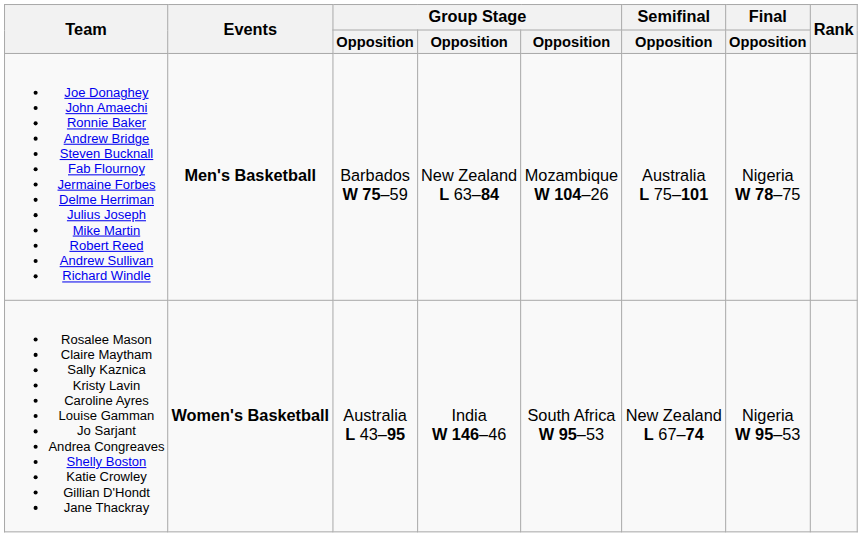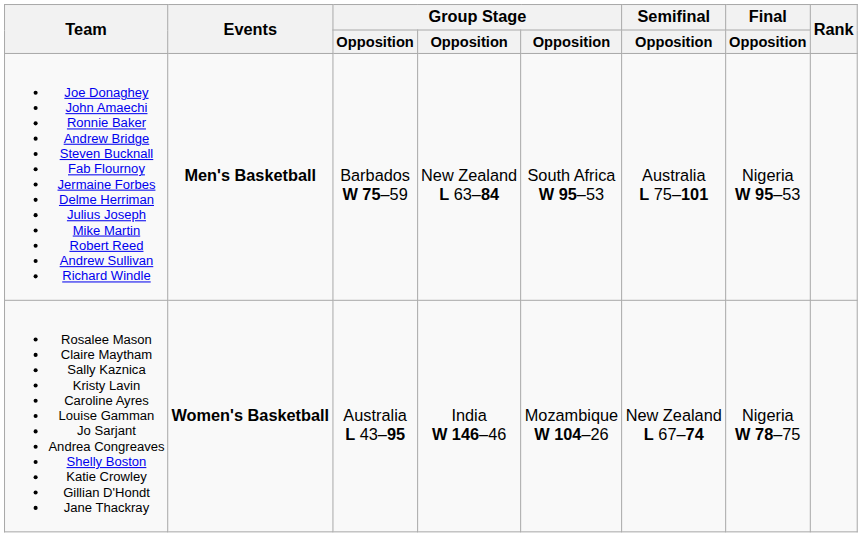 <table class=wikitable style="font-size:100%">
 <tr>
 <th rowspan="2">Team</th>
 <th rowspan="2">Events</th>
 <th colspan="3">Group Stage</th>
 <th>Semifinal</th>
 <th>Final</th>
 <th rowspan="2">Rank</th>
 </tr>
 <tr>
 <th style="font-size:90%">Opposition</th>
 <th style="font-size:90%">Opposition</th>
 <th style="font-size:90%">Opposition</th>
 <th style="font-size:90%">Opposition</th>
 <th style="font-size:90%">Opposition</th>
 </tr>
 <tr>
 <td align="center" style="font-size:80%"><br><ul><li><a href='#'>Joe Donaghey</a></li><li><a href='#'>John Amaechi</a></li><li><a href='#'>Ronnie Baker</a></li><li><a href='#'>Andrew Bridge</a></li><li><a href='#'>Steven Bucknall</a></li><li><a href='#'>Fab Flournoy</a></li><li><a href='#'>Jermaine Forbes</a></li><li><a href='#'>Delme Herriman</a></li><li><a href='#'>Julius Joseph</a></li><li><a href='#'>Mike Martin</a></li><li><a href='#'>Robert Reed</a></li><li><a href='#'>Andrew Sullivan</a></li><li><a href='#'>Richard Windle</a></li></ul></td>
 <td align="center"><strong>Men's Basketball</strong></td>
 <td align="center"> <br>Barbados <br><strong>W</strong> <strong>75</strong>–59</td>
 <td align="center"> <br>New Zealand <br><strong>L</strong> 63–<strong>84</strong></td>
-<td align="center"> <br>Mozambique <br><strong>W</strong> <strong>104</strong>–26</td>
+<td align="center"> <br>South Africa <br><strong>W</strong> <strong>95</strong>–53</td>
 <td align="center"> <br>Australia <br><strong>L</strong> 75–<strong>101</strong></td>
-<td align="center"> <br>Nigeria <br><strong>W</strong> <strong>78</strong>–75</td>
+<td align="center"> <br>Nigeria <br><strong>W</strong> <strong>95</strong>–53</td>
 <td align="center"></td>
 </tr>
 <tr>
 <td align="center" style="font-size:80%"><br><ul><li>Rosalee Mason</li><li>Claire Maytham</li><li>Sally Kaznica</li><li>Kristy Lavin</li><li>Caroline Ayres</li><li>Louise Gamman</li><li>Jo Sarjant</li><li>Andrea Congreaves</li><li><a href='#'>Shelly Boston</a></li><li>Katie Crowley</li><li>Gillian D'Hondt</li><li>Jane Thackray</li></ul></td>
 <td align="center"><strong>Women's Basketball</strong></td>
 <td align="center"> <br>Australia <br><strong>L</strong> 43–<strong>95</strong></td>
 <td align="center"> <br>India <br><strong>W</strong> <strong>146</strong>–46</td>
-<td align="center"> <br>South Africa <br><strong>W</strong> <strong>95</strong>–53</td>
+<td align="center"> <br>Mozambique <br><strong>W</strong> <strong>104</strong>–26</td>
 <td align="center"> <br>New Zealand <br><strong>L</strong> 67–<strong>74</strong></td>
-<td align="center"> <br>Nigeria <br><strong>W</strong> <strong>95</strong>–53</td>
+<td align="center"> <br>Nigeria <br><strong>W</strong> <strong>78</strong>–75</td>
 <td align="center"></td>
 </tr>
 </table>
